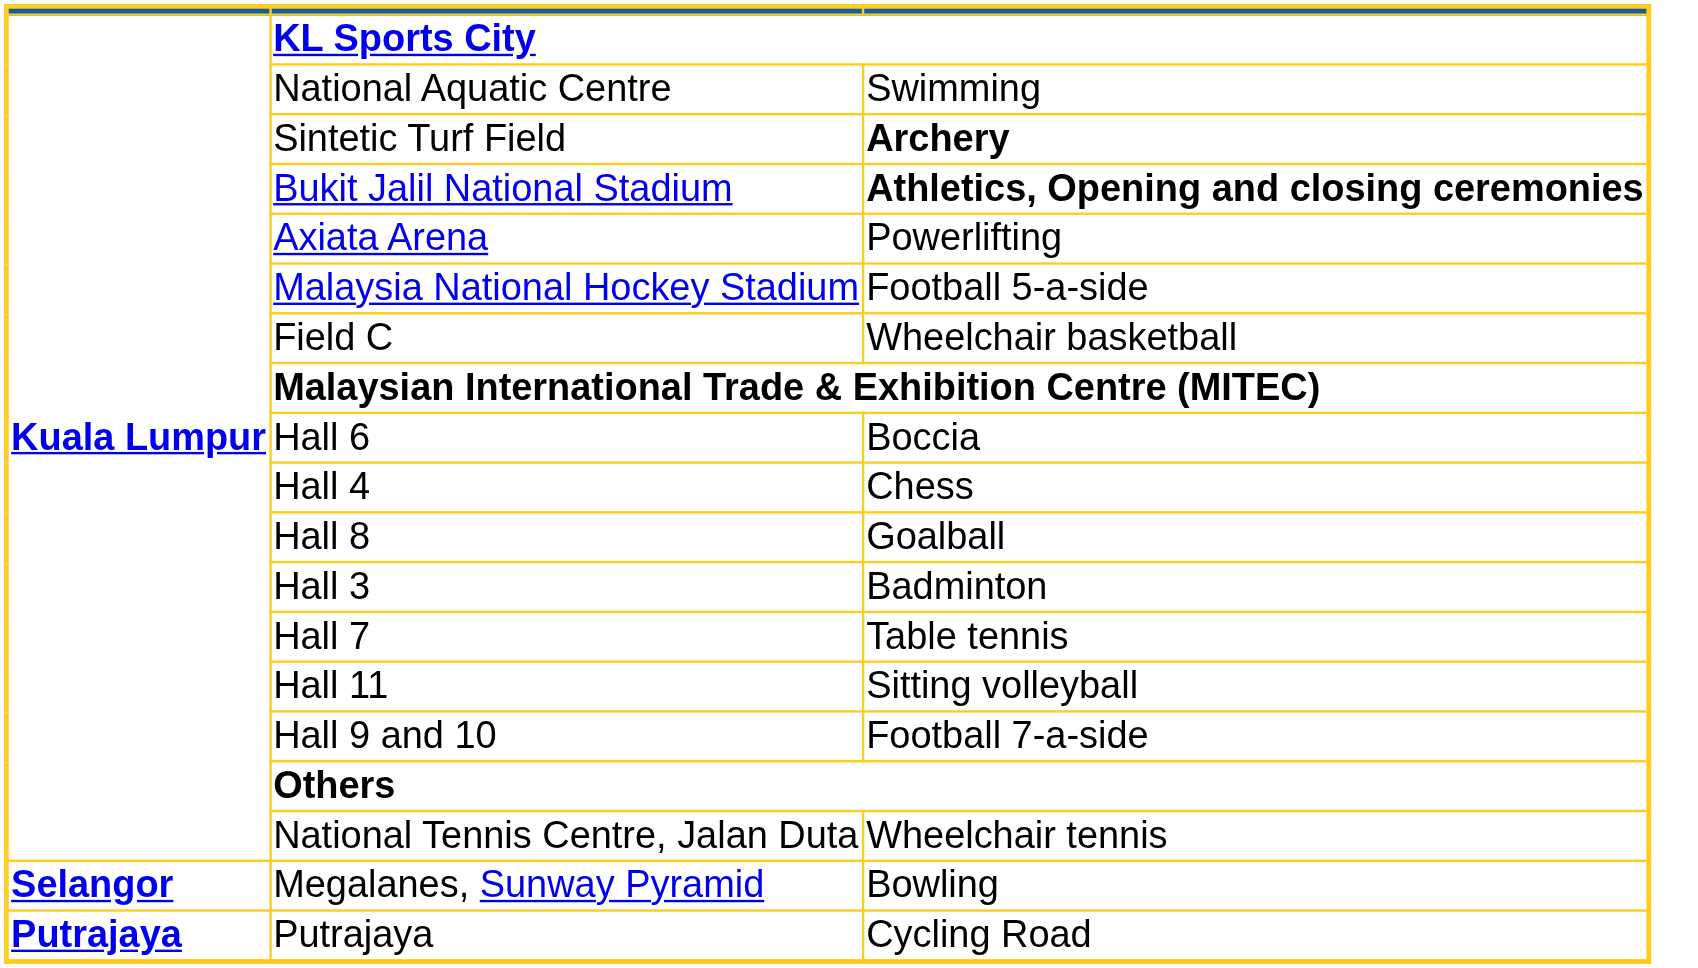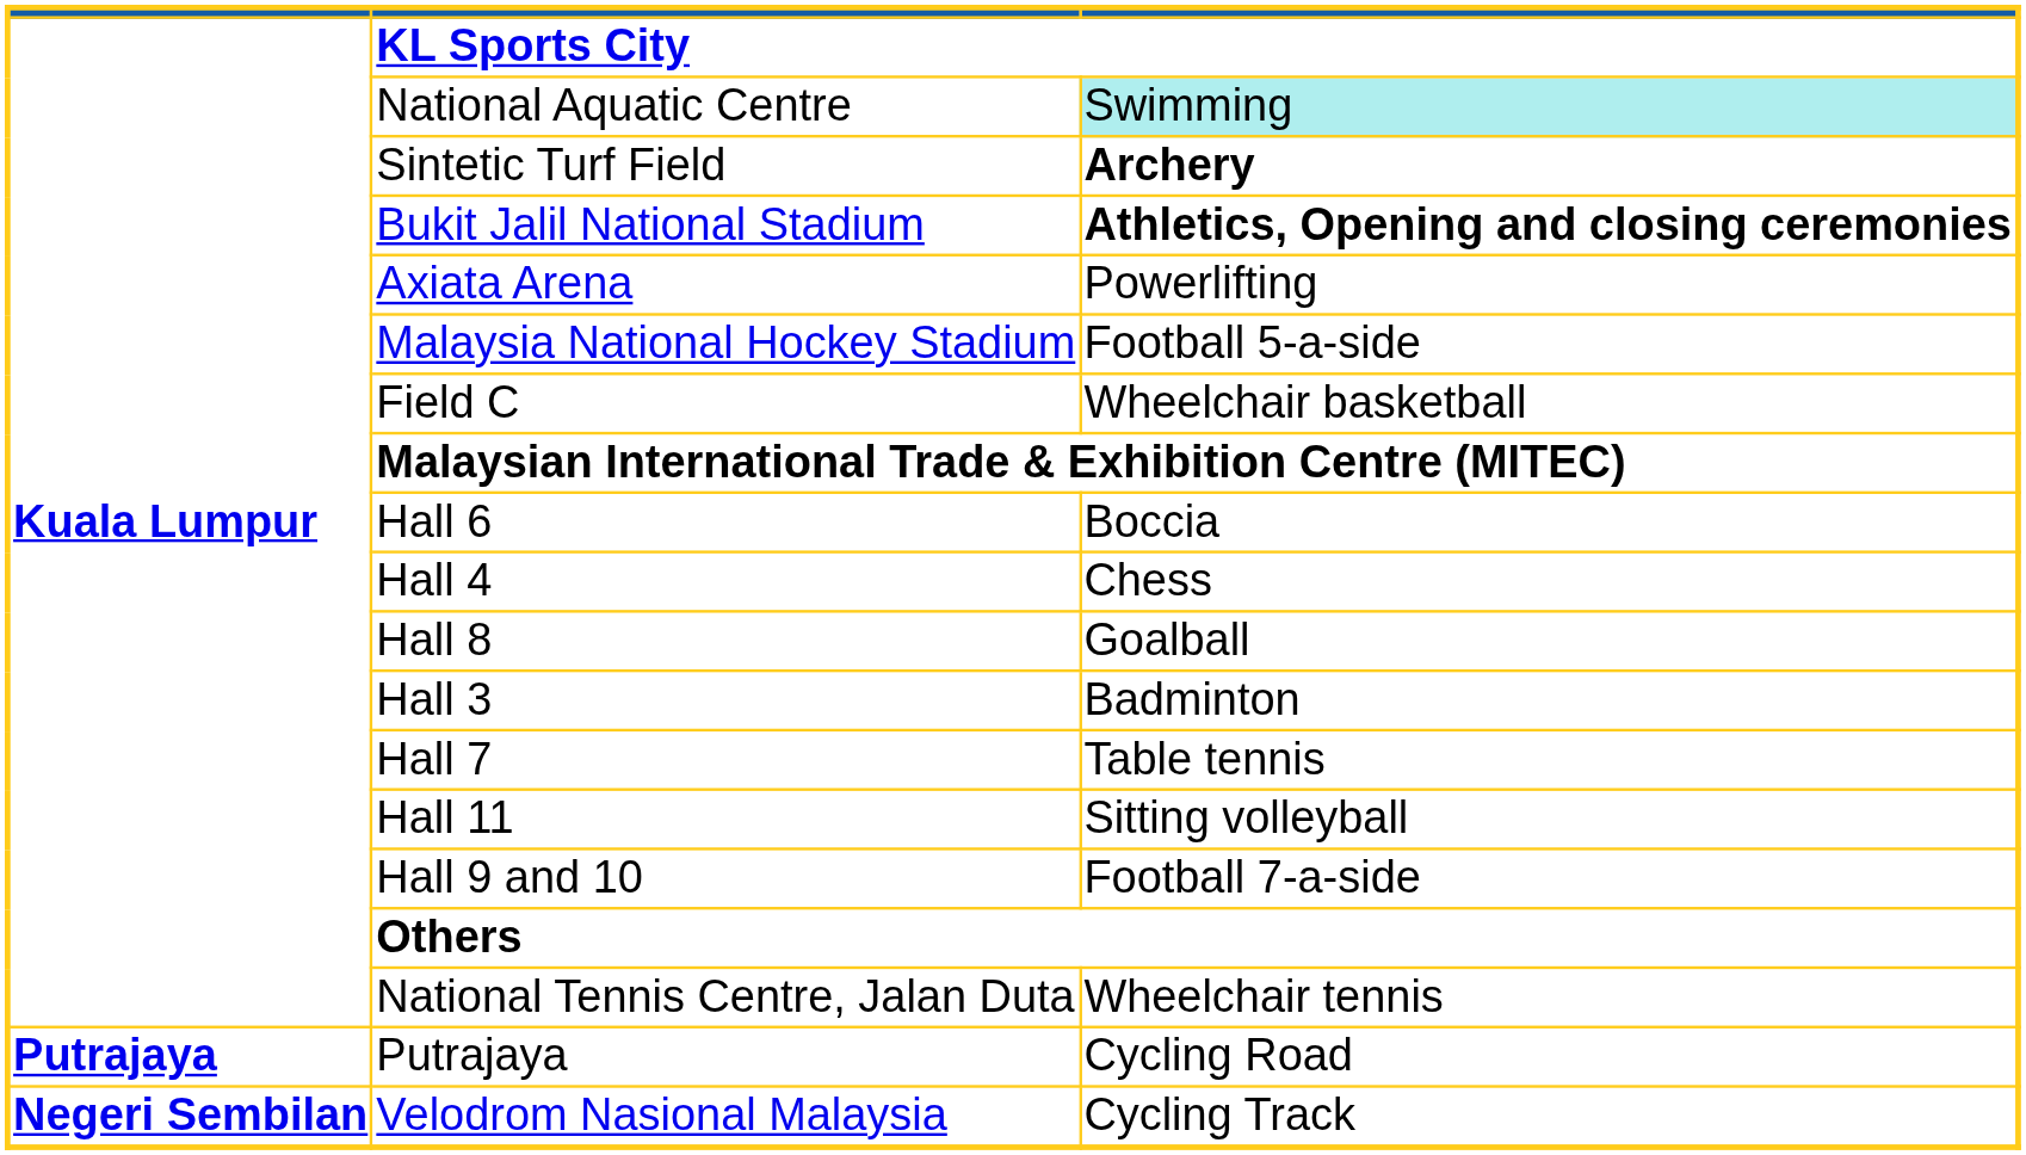 <table border=1 style="border-collapse:collapse; text-align:left; font-size:100%; border:2px solid #FFCC1B;">
 <tr style="text-align:center; font-weight:bold; background:#145DA5; colour:#FFCC1B;">
 <td></td>
 <td></td>
 <td></td>
 </tr>
 <tr>
 <th rowspan=17><a href='#'>Kuala Lumpur</a></th>
 <th colspan=2><a href='#'>KL Sports City</a></th>
 </tr>
 <tr>
 <td>National Aquatic Centre</td>
-<td>Swimming</td>
+<td style="background: paleturquoise;">Swimming</td>
 </tr>
 <tr>
 <td>Sintetic Turf Field</td>
 <td><strong>Archery</strong></td>
 </tr>
 <tr>
 <td><a href='#'>Bukit Jalil National Stadium</a></td>
 <td><strong>Athletics, Opening and closing ceremonies</strong></td>
 </tr>
 <tr>
 <td><a href='#'>Axiata Arena</a></td>
 <td>Powerlifting</td>
 </tr>
 <tr>
 <td><a href='#'>Malaysia National Hockey Stadium</a></td>
 <td>Football 5-a-side</td>
 </tr>
 <tr>
 <td>Field C</td>
 <td>Wheelchair basketball</td>
 </tr>
 <tr>
 <th colspan=2>Malaysian International Trade & Exhibition Centre (MITEC)</th>
 </tr>
 <tr>
 <td>Hall 6</td>
 <td>Boccia</td>
 </tr>
 <tr>
 <td>Hall 4</td>
 <td>Chess</td>
 </tr>
 <tr>
 <td>Hall 8</td>
 <td>Goalball</td>
 </tr>
 <tr>
 <td>Hall 3</td>
 <td>Badminton</td>
 </tr>
 <tr>
 <td>Hall 7</td>
 <td>Table tennis</td>
 </tr>
 <tr>
 <td>Hall 11</td>
 <td>Sitting volleyball</td>
 </tr>
 <tr>
 <td>Hall 9 and 10</td>
 <td>Football 7-a-side</td>
 </tr>
 <tr>
 <th colspan=2>Others</th>
 </tr>
 <tr>
 <td>National Tennis Centre, Jalan Duta</td>
 <td>Wheelchair tennis</td>
 </tr>
 <tr>
-<td><strong><a href='#'>Selangor</a></strong></td>
-<td>Megalanes, <a href='#'>Sunway Pyramid</a></td>
-<td>Bowling</td>
-</tr>
-<tr>
 <td><strong><a href='#'>Putrajaya</a></strong></td>
 <td>Putrajaya</td>
 <td>Cycling Road</td>
 </tr>
+<tr>
+<td><strong><a href='#'>Negeri Sembilan</a></strong></td>
+<td><a href='#'>Velodrom Nasional Malaysia</a></td>
+<td>Cycling Track</td>
+</tr>
 </table>
